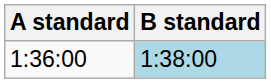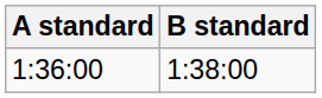 <table class="wikitable" border="1" align="upright">
 <tr>
 <th>A standard</th>
 <th>B standard</th>
 </tr>
 <tr>
 <td>1:36:00</td>
-<td style="background: lightblue;">1:38:00</td>
+<td>1:38:00</td>
 </tr>
 </table>
